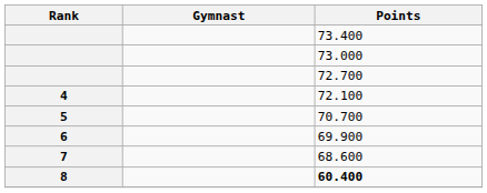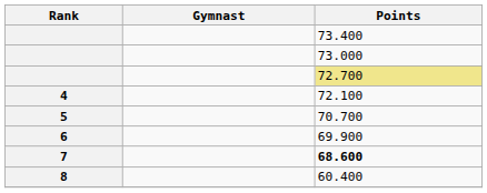 <table class="wikitable" width=500>
 <tr bgcolor="#efefef">
 <th>Rank</th>
 <th>Gymnast</th>
 <th>Points</th>
 </tr>
 <tr>
 <th></th>
 <td></td>
 <td>73.400</td>
 </tr>
 <tr>
 <th></th>
 <td></td>
 <td>73.000</td>
 </tr>
 <tr>
 <th></th>
 <td></td>
-<td>72.700</td>
+<td style="background: khaki;">72.700</td>
 </tr>
 <tr>
 <th>4</th>
 <td></td>
 <td>72.100</td>
 </tr>
 <tr>
 <th>5</th>
 <td></td>
 <td>70.700</td>
 </tr>
 <tr>
 <th>6</th>
 <td></td>
 <td>69.900</td>
 </tr>
 <tr>
 <th>7</th>
 <td></td>
-<td>68.600</td>
+<td><strong>68.600</strong></td>
 </tr>
 <tr>
 <th>8</th>
 <td></td>
-<td><strong>60.400</strong></td>
+<td>60.400</td>
 </tr>
 <tr>
 </tr>
 </table>
